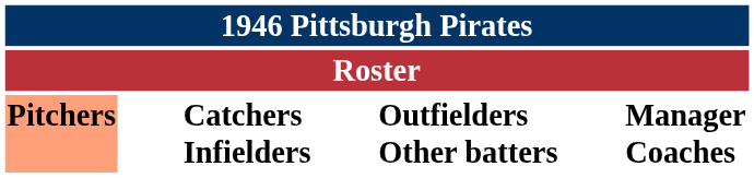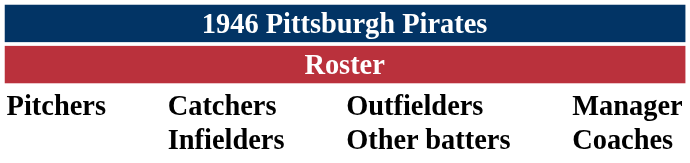 <table class="toccolours" style="font-size: 95%;">
 <tr>
 <th colspan="10" style="background-color: #023465; color: white; text-align: center;">1946 Pittsburgh Pirates</th>
 </tr>
 <tr>
 <td colspan="10" style="background-color: #ba313c; color: white; text-align: center;"><strong>Roster</strong></td>
 </tr>
 <tr>
-<td valign="top" style="background: lightsalmon;"><strong>Pitchers</strong><br>                 </td>
+<td valign="top"><strong>Pitchers</strong><br>                 </td>
 <td width="25px"></td>
 <td valign="top"><strong>Catchers</strong><br>      <strong>Infielders</strong>        </td>
 <td width="25px"></td>
 <td valign="top"><strong>Outfielders</strong><br>         <strong>Other batters</strong>  </td>
 <td width="25px"></td>
 <td valign="top"><strong>Manager</strong><br>  <strong>Coaches</strong>   </td>
 </tr>
 </table>
